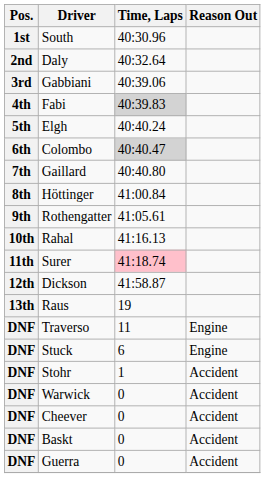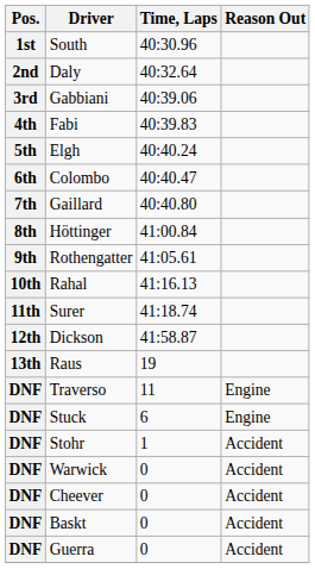 <table class="wikitable sortable" style="font-size: 95%">
 <tr>
 <th>Pos.</th>
 <th>Driver</th>
 <th>Time, Laps</th>
 <th>Reason Out</th>
 </tr>
 <tr>
 <th>1st</th>
 <td>South</td>
 <td>40:30.96</td>
 <td></td>
 </tr>
 <tr>
 <th>2nd</th>
 <td>Daly</td>
 <td>40:32.64</td>
 <td></td>
 </tr>
 <tr>
 <th>3rd</th>
 <td>Gabbiani</td>
 <td>40:39.06</td>
 <td></td>
 </tr>
 <tr>
 <th>4th</th>
 <td>Fabi</td>
-<td style="background: lightgrey;">40:39.83</td>
+<td>40:39.83</td>
 <td></td>
 </tr>
 <tr>
 <th>5th</th>
 <td>Elgh</td>
 <td>40:40.24</td>
 <td></td>
 </tr>
 <tr>
 <th>6th</th>
 <td>Colombo</td>
-<td style="background: lightgrey;">40:40.47</td>
+<td>40:40.47</td>
 <td></td>
 </tr>
 <tr>
 <th>7th</th>
 <td>Gaillard</td>
 <td>40:40.80</td>
 <td></td>
 </tr>
 <tr>
 <th>8th</th>
 <td>Höttinger</td>
 <td>41:00.84</td>
 <td></td>
 </tr>
 <tr>
 <th>9th</th>
 <td>Rothengatter</td>
 <td>41:05.61</td>
 <td></td>
 </tr>
 <tr>
 <th>10th</th>
 <td>Rahal</td>
 <td>41:16.13</td>
 <td></td>
 </tr>
 <tr>
 <th>11th</th>
 <td>Surer</td>
-<td style="background: pink;">41:18.74</td>
+<td>41:18.74</td>
 <td></td>
 </tr>
 <tr>
 <th>12th</th>
 <td>Dickson</td>
 <td>41:58.87</td>
 <td></td>
 </tr>
 <tr>
 <th>13th</th>
 <td>Raus</td>
 <td>19</td>
 <td></td>
 </tr>
 <tr>
 <th>DNF</th>
 <td>Traverso</td>
 <td>11</td>
 <td>Engine</td>
 </tr>
 <tr>
 <th>DNF</th>
 <td>Stuck</td>
 <td>6</td>
 <td>Engine</td>
 </tr>
 <tr>
 <th>DNF</th>
 <td>Stohr</td>
 <td>1</td>
 <td>Accident</td>
 </tr>
 <tr>
 <th>DNF</th>
 <td>Warwick</td>
 <td>0</td>
 <td>Accident</td>
 </tr>
 <tr>
 <th>DNF</th>
 <td>Cheever</td>
 <td>0</td>
 <td>Accident</td>
 </tr>
 <tr>
 <th>DNF</th>
 <td>Baskt</td>
 <td>0</td>
 <td>Accident</td>
 </tr>
 <tr>
 <th>DNF</th>
 <td>Guerra</td>
 <td>0</td>
 <td>Accident</td>
 </tr>
 <tr>
 </tr>
 </table>
